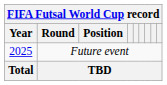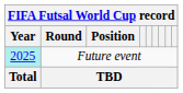 <table class="wikitable" style="text-align: center;font-size:90%;">
 <tr>
 <th colspan=10><a href='#'>FIFA Futsal World Cup</a> record</th>
 </tr>
 <tr>
 <th>Year</th>
 <th>Round</th>
 <th>Position</th>
 <th></th>
 <th></th>
 <th></th>
 <th></th>
 <th></th>
 <th></th>
 </tr>
 <tr>
-<td> <a href='#'>2025</a></td>
+<td style="background: paleturquoise;"> <a href='#'>2025</a></td>
 <td colspan=8><em>Future event</em></td>
 </tr>
 <tr>
 <th><strong>Total</strong></th>
 <th colspan=8><strong>TBD</strong></th>
 </tr>
 </table>
